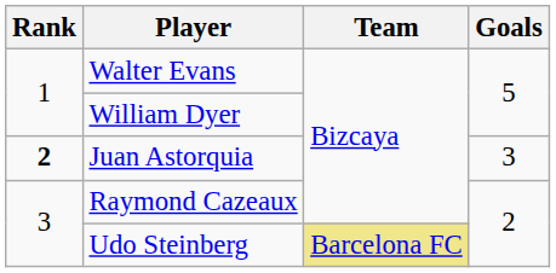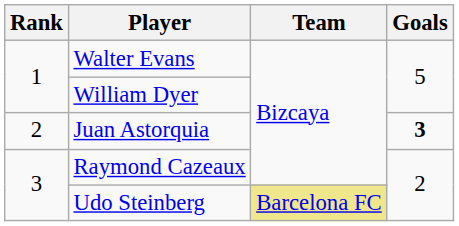 <table class="wikitable" style="text-align:center">
 <tr>
 <th>Rank</th>
 <th>Player</th>
 <th>Team</th>
 <th>Goals</th>
 </tr>
 <tr>
 <td rowspan="2">1</td>
 <td align=left> <a href='#'>Walter Evans</a></td>
 <td rowspan="4" align=left> <a href='#'>Bizcaya</a></td>
 <td rowspan="2">5</td>
 </tr>
 <tr>
 <td align=left> <a href='#'>William Dyer</a></td>
 </tr>
 <tr>
-<td><strong>2</strong></td>
+<td>2</td>
 <td align=left> <a href='#'>Juan Astorquia</a></td>
-<td>3</td>
+<td><strong>3</strong></td>
 </tr>
 <tr>
 <td rowspan="2">3</td>
 <td align=left> <a href='#'>Raymond Cazeaux</a></td>
 <td rowspan="2">2</td>
 </tr>
 <tr>
 <td align=left> <a href='#'>Udo Steinberg</a></td>
 <td align=left style="background: khaki;"> <a href='#'>Barcelona FC</a></td>
 </tr>
 </table>
